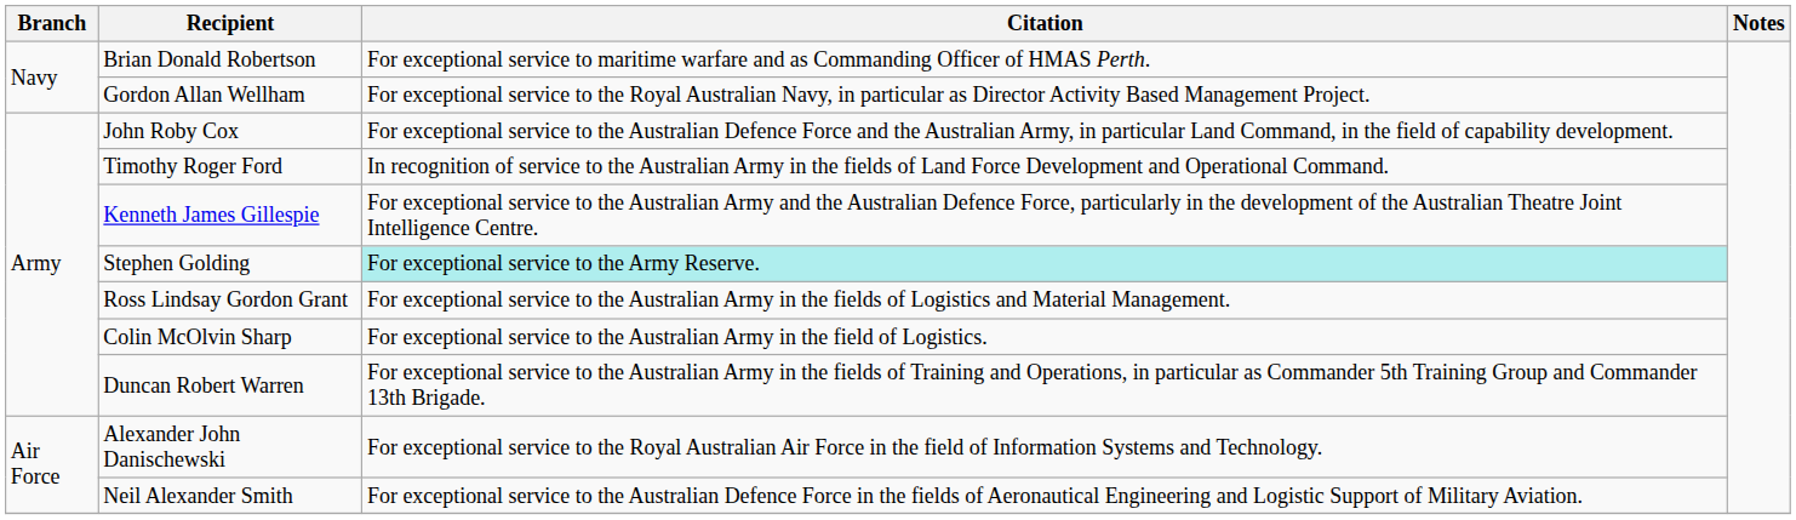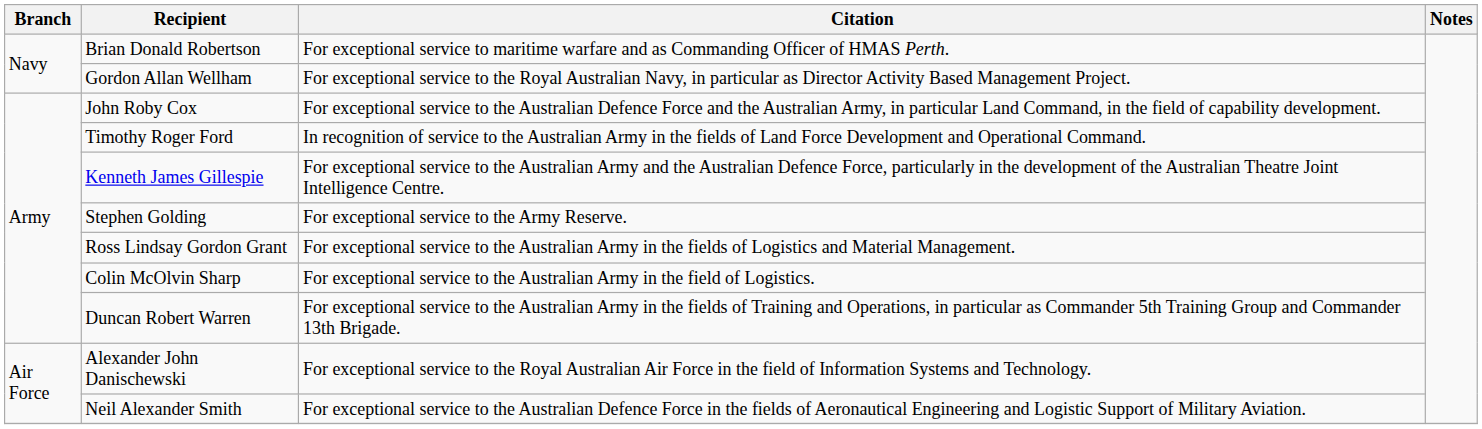 <table class="wikitable" style="font-size:95%;">
 <tr>
 <th>Branch</th>
 <th>Recipient</th>
 <th>Citation</th>
 <th>Notes</th>
 </tr>
 <tr>
 <td rowspan="2">Navy</td>
 <td> Brian Donald Robertson</td>
 <td>For exceptional service to maritime warfare and as Commanding Officer of HMAS <em>Perth</em>.</td>
 <td rowspan=11></td>
 </tr>
 <tr>
 <td> Gordon Allan Wellham</td>
 <td>For exceptional service to the Royal Australian Navy, in particular as Director Activity Based Management Project.</td>
 </tr>
 <tr>
 <td rowspan="7">Army</td>
 <td> John Roby Cox</td>
 <td>For exceptional service to the Australian Defence Force and the Australian Army, in particular Land Command, in the field of capability development.</td>
 </tr>
 <tr>
 <td> Timothy Roger Ford</td>
 <td>In recognition of service to the Australian Army in the fields of Land Force Development and Operational Command.</td>
 </tr>
 <tr>
 <td> <a href='#'>Kenneth James Gillespie</a> </td>
 <td>For exceptional service to the Australian Army and the Australian Defence Force, particularly in the development of the Australian Theatre Joint Intelligence Centre.</td>
 </tr>
 <tr>
 <td> Stephen Golding </td>
-<td style="background: paleturquoise;">For exceptional service to the Army Reserve.</td>
+<td>For exceptional service to the Army Reserve.</td>
 </tr>
 <tr>
 <td> Ross Lindsay Gordon Grant</td>
 <td>For exceptional service to the Australian Army in the fields of Logistics and Material Management.</td>
 </tr>
 <tr>
 <td> Colin McOlvin Sharp </td>
 <td>For exceptional service to the Australian Army in the field of Logistics.</td>
 </tr>
 <tr>
 <td> Duncan Robert Warren </td>
 <td>For exceptional service to the Australian Army in the fields of Training and Operations, in particular as Commander 5th Training Group and Commander 13th Brigade.</td>
 </tr>
 <tr>
 <td rowspan="2">Air Force</td>
 <td> Alexander John Danischewski</td>
 <td>For exceptional service to the Royal Australian Air Force in the field of Information Systems and Technology.</td>
 </tr>
 <tr>
 <td> Neil Alexander Smith </td>
 <td>For exceptional service to the Australian Defence Force in the fields of Aeronautical Engineering and Logistic Support of Military Aviation.</td>
 </tr>
 <tr>
 </tr>
 </table>
